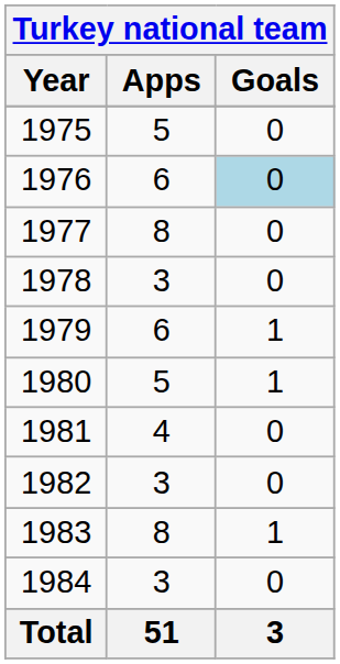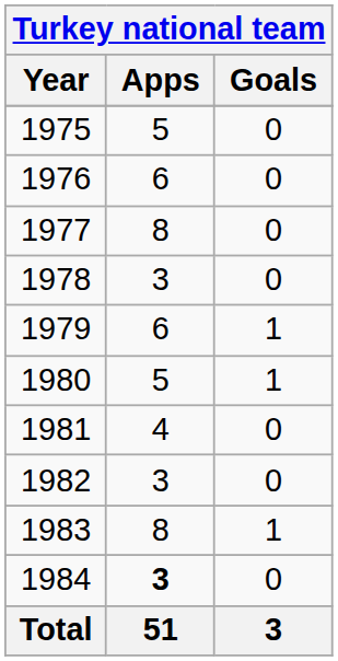 <table class="wikitable" style="text-align:center">
 <tr>
 <th colspan=3><a href='#'>Turkey national team</a></th>
 </tr>
 <tr>
 <th>Year</th>
 <th>Apps</th>
 <th>Goals</th>
 </tr>
 <tr>
 </tr>
 <tr>
 <td>1975</td>
 <td>5</td>
 <td>0</td>
 </tr>
 <tr>
 <td>1976</td>
 <td>6</td>
-<td style="background: lightblue;">0</td>
+<td>0</td>
 </tr>
 <tr>
 <td>1977</td>
 <td>8</td>
 <td>0</td>
 </tr>
 <tr>
 <td>1978</td>
 <td>3</td>
 <td>0</td>
 </tr>
 <tr>
 <td>1979</td>
 <td>6</td>
 <td>1</td>
 </tr>
 <tr>
 <td>1980</td>
 <td>5</td>
 <td>1</td>
 </tr>
 <tr>
 <td>1981</td>
 <td>4</td>
 <td>0</td>
 </tr>
 <tr>
 <td>1982</td>
 <td>3</td>
 <td>0</td>
 </tr>
 <tr>
 <td>1983</td>
 <td>8</td>
 <td>1</td>
 </tr>
 <tr>
 <td>1984</td>
-<td>3</td>
+<td><strong>3</strong></td>
 <td>0</td>
 </tr>
 <tr>
 <th>Total</th>
 <th>51</th>
 <th>3</th>
 </tr>
 </table>
